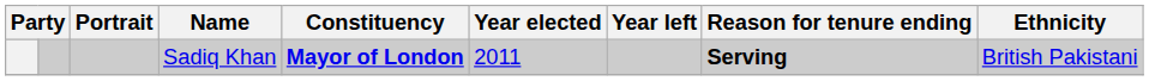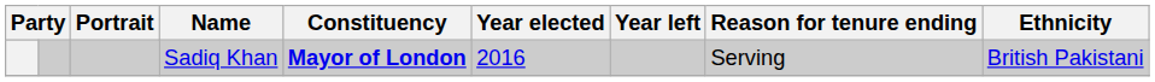 <table class="wikitable sortable">
 <tr>
 <th colspan="2">Party</th>
 <th>Portrait</th>
 <th>Name</th>
 <th>Constituency</th>
 <th>Year elected</th>
 <th>Year left</th>
 <th>Reason for tenure ending</th>
 <th>Ethnicity</th>
 </tr>
 <tr style="background:#ccc;">
 <th style="background-color: "></th>
 <td></td>
 <td></td>
 <td><a href='#'>Sadiq Khan</a></td>
 <td><strong><a href='#'>Mayor of London</a></strong></td>
-<td><a href='#'>2011</a></td>
+<td><a href='#'>2016</a></td>
 <td></td>
-<td><strong>Serving</strong></td>
+<td>Serving</td>
 <td><a href='#'>British Pakistani</a></td>
 </tr>
 <tr>
 </tr>
 </table>
